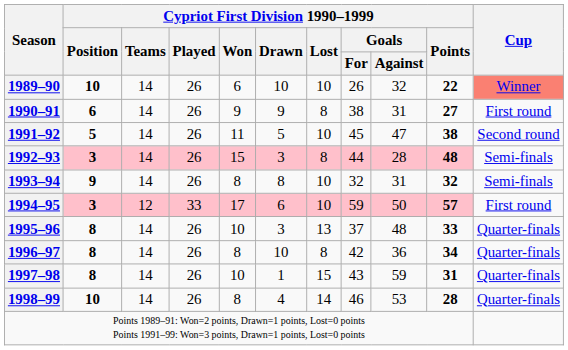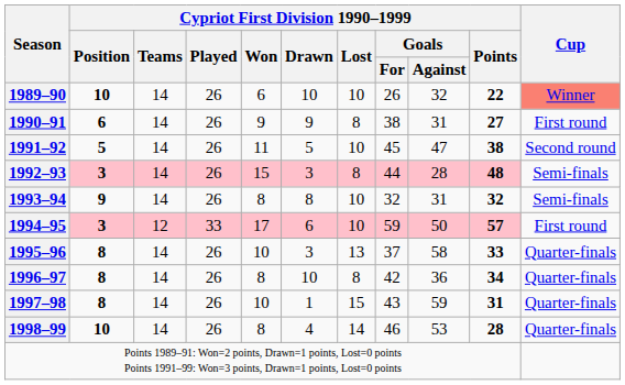 <table class="wikitable" style="text-align: center">
 <tr>
 <th rowspan=3>Season</th>
 <th colspan=9><a href='#'>Cypriot First Division</a> 1990–1999</th>
 <th rowspan=3><a href='#'>Cup</a></th>
 </tr>
 <tr>
 <th rowspan=2>Position</th>
 <th rowspan=2>Teams</th>
 <th rowspan=2>Played</th>
 <th rowspan=2>Won</th>
 <th rowspan=2>Drawn</th>
 <th rowspan=2>Lost</th>
 <th colspan=2>Goals</th>
 <th rowspan=2>Points</th>
 </tr>
 <tr>
 <th>For</th>
 <th>Against</th>
 </tr>
 <tr>
 <th style="text-align: center;"><a href='#'>1989–90</a></th>
 <td style="text-align: center;"><strong>10</strong></td>
 <td style="text-align: center;">14</td>
 <td style="text-align: center;">26</td>
 <td style="text-align: center;">6</td>
 <td style="text-align: center;">10</td>
 <td style="text-align: center;">10</td>
 <td style="text-align: center;">26</td>
 <td style="text-align: center;">32</td>
 <td style="text-align: center;"><strong>22</strong></td>
 <td bgcolor=Salmon><a href='#'>Winner</a></td>
 </tr>
 <tr>
 <th style="text-align: center;"><a href='#'>1990–91</a></th>
 <td style="text-align: center;"><strong>6</strong></td>
 <td style="text-align: center;">14</td>
 <td style="text-align: center;">26</td>
 <td style="text-align: center;">9</td>
 <td style="text-align: center;">9</td>
 <td style="text-align: center;">8</td>
 <td style="text-align: center;">38</td>
 <td style="text-align: center;">31</td>
 <td style="text-align: center;"><strong>27</strong></td>
 <td><a href='#'>First round</a></td>
 </tr>
 <tr>
 <th style="text-align: center;"><a href='#'>1991–92</a></th>
 <td style="text-align: center;"><strong>5</strong></td>
 <td style="text-align: center;">14</td>
 <td style="text-align: center;">26</td>
 <td style="text-align: center;">11</td>
 <td style="text-align: center;">5</td>
 <td style="text-align: center;">10</td>
 <td style="text-align: center;">45</td>
 <td style="text-align: center;">47</td>
 <td style="text-align: center;"><strong>38</strong></td>
 <td><a href='#'>Second round</a></td>
 </tr>
 <tr>
 <th style="text-align: center;"><a href='#'>1992–93</a></th>
 <td style="text-align: center;" bgcolor=Pink><strong>3</strong></td>
 <td style="text-align: center;" bgcolor=Pink>14</td>
 <td style="text-align: center;" bgcolor=Pink>26</td>
 <td style="text-align: center;" bgcolor=Pink>15</td>
 <td style="text-align: center;" bgcolor=Pink>3</td>
 <td style="text-align: center;" bgcolor=Pink>8</td>
 <td style="text-align: center;" bgcolor=Pink>44</td>
 <td style="text-align: center;" bgcolor=Pink>28</td>
 <td style="text-align: center;" bgcolor=Pink><strong>48</strong></td>
 <td><a href='#'>Semi-finals</a></td>
 </tr>
 <tr>
 <th style="text-align: center;"><a href='#'>1993–94</a></th>
 <td style="text-align: center;"><strong>9</strong></td>
 <td style="text-align: center;">14</td>
 <td style="text-align: center;">26</td>
 <td style="text-align: center;">8</td>
 <td style="text-align: center;">8</td>
 <td style="text-align: center;">10</td>
 <td style="text-align: center;">32</td>
 <td style="text-align: center;">31</td>
 <td style="text-align: center;"><strong>32</strong></td>
 <td><a href='#'>Semi-finals</a></td>
 </tr>
 <tr>
 <th style="text-align: center;"><a href='#'>1994–95</a></th>
 <td style="text-align: center;" bgcolor=Pink><strong>3</strong></td>
 <td style="text-align: center;" bgcolor=Pink>12</td>
 <td style="text-align: center;" bgcolor=Pink>33</td>
 <td style="text-align: center;" bgcolor=Pink>17</td>
 <td style="text-align: center;" bgcolor=Pink>6</td>
 <td style="text-align: center;" bgcolor=Pink>10</td>
 <td style="text-align: center;" bgcolor=Pink>59</td>
 <td style="text-align: center;" bgcolor=Pink>50</td>
 <td style="text-align: center;" bgcolor=Pink><strong>57</strong></td>
 <td><a href='#'>First round</a></td>
 </tr>
 <tr>
 <th style="text-align: center;"><a href='#'>1995–96</a></th>
 <td style="text-align: center;"><strong>8</strong></td>
 <td style="text-align: center;">14</td>
 <td style="text-align: center;">26</td>
 <td style="text-align: center;">10</td>
 <td style="text-align: center;">3</td>
 <td style="text-align: center;">13</td>
 <td style="text-align: center;">37</td>
-<td style="text-align: center;">48</td>
+<td style="text-align: center;">58</td>
 <td style="text-align: center;"><strong>33</strong></td>
 <td><a href='#'>Quarter-finals</a></td>
 </tr>
 <tr>
 <th style="text-align: center;"><a href='#'>1996–97</a></th>
 <td style="text-align: center;"><strong>8</strong></td>
 <td style="text-align: center;">14</td>
 <td style="text-align: center;">26</td>
 <td style="text-align: center;">8</td>
 <td style="text-align: center;">10</td>
 <td style="text-align: center;">8</td>
 <td style="text-align: center;">42</td>
 <td style="text-align: center;">36</td>
 <td style="text-align: center;"><strong>34</strong></td>
 <td><a href='#'>Quarter-finals</a></td>
 </tr>
 <tr>
 <th style="text-align: center;"><a href='#'>1997–98</a></th>
 <td style="text-align: center;"><strong>8</strong></td>
 <td style="text-align: center;">14</td>
 <td style="text-align: center;">26</td>
 <td style="text-align: center;">10</td>
 <td style="text-align: center;">1</td>
 <td style="text-align: center;">15</td>
 <td style="text-align: center;">43</td>
 <td style="text-align: center;">59</td>
 <td style="text-align: center;"><strong>31</strong></td>
 <td><a href='#'>Quarter-finals</a></td>
 </tr>
 <tr>
 <th style="text-align: center;"><a href='#'>1998–99</a></th>
 <td style="text-align: center;"><strong>10</strong></td>
 <td style="text-align: center;">14</td>
 <td style="text-align: center;">26</td>
 <td style="text-align: center;">8</td>
 <td style="text-align: center;">4</td>
 <td style="text-align: center;">14</td>
 <td style="text-align: center;">46</td>
 <td style="text-align: center;">53</td>
 <td style="text-align: center;"><strong>28</strong></td>
 <td><a href='#'>Quarter-finals</a></td>
 </tr>
 <tr>
 <td colspan=10 style="font-size:80%"><small>Points 1989–91: Won=2 points, Drawn=1 points, Lost=0 points </small> <br><small>Points 1991–99: Won=3 points, Drawn=1 points, Lost=0 points </small></td>
 </tr>
 </table>
